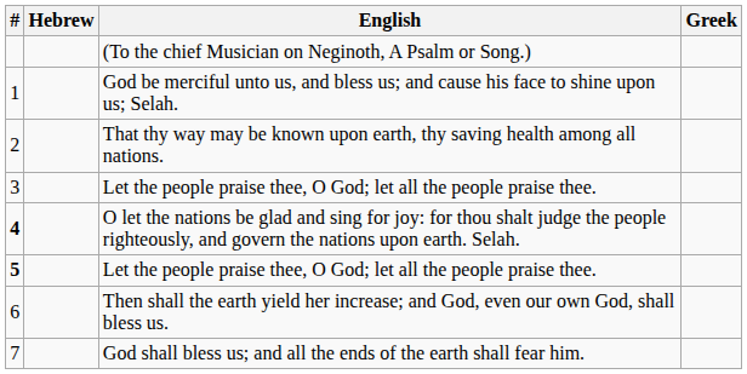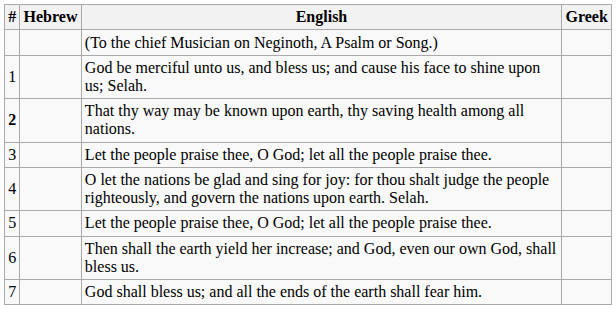 <table class=wikitable>
 <tr>
 <th>#</th>
 <th>Hebrew</th>
 <th>English</th>
 <th>Greek</th>
 </tr>
 <tr>
 <td style="text-align:right"></td>
 <td style="text-align:right"></td>
 <td>(To the chief Musician on Neginoth, A Psalm or Song.)</td>
 <td></td>
 </tr>
 <tr>
 <td style="text-align:right">1</td>
 <td style="text-align:right"></td>
 <td>God be merciful unto us, and bless us; and cause his face to shine upon us; Selah.</td>
 <td></td>
 </tr>
 <tr>
-<td style="text-align:right">2</td>
+<td style="text-align:right"><strong>2</strong></td>
 <td style="text-align:right"></td>
 <td>That thy way may be known upon earth, thy saving health among all nations.</td>
 <td></td>
 </tr>
 <tr>
 <td style="text-align:right">3</td>
 <td style="text-align:right"></td>
 <td>Let the people praise thee, O God; let all the people praise thee.</td>
 <td></td>
 </tr>
 <tr>
-<td style="text-align:right"><strong>4</strong></td>
+<td style="text-align:right">4</td>
 <td style="text-align:right"></td>
 <td>O let the nations be glad and sing for joy: for thou shalt judge the people righteously, and govern the nations upon earth. Selah.</td>
 <td></td>
 </tr>
 <tr>
-<td style="text-align:right"><strong>5</strong></td>
+<td style="text-align:right">5</td>
 <td style="text-align:right"></td>
 <td>Let the people praise thee, O God; let all the people praise thee.</td>
 <td></td>
 </tr>
 <tr>
 <td style="text-align:right">6</td>
 <td style="text-align:right"></td>
 <td>Then shall the earth yield her increase; and God, even our own God, shall bless us.</td>
 <td></td>
 </tr>
 <tr>
 <td style="text-align:right">7</td>
 <td style="text-align:right"></td>
 <td>God shall bless us; and all the ends of the earth shall fear him.</td>
 <td></td>
 </tr>
 <tr>
 </tr>
 </table>
